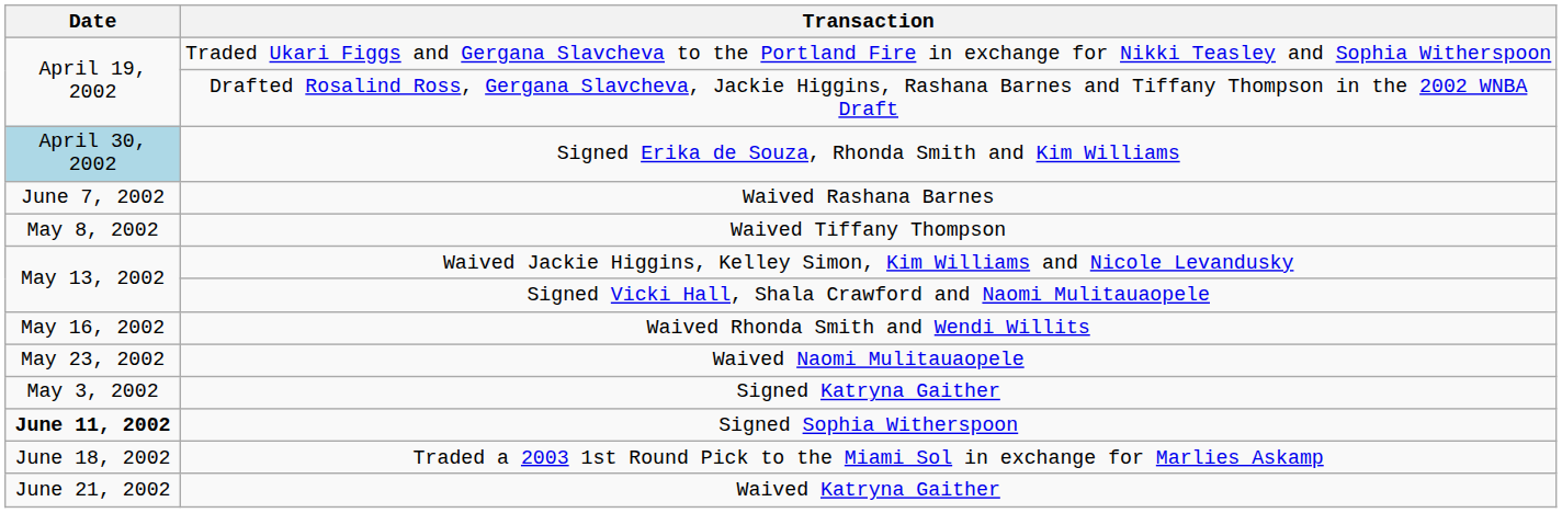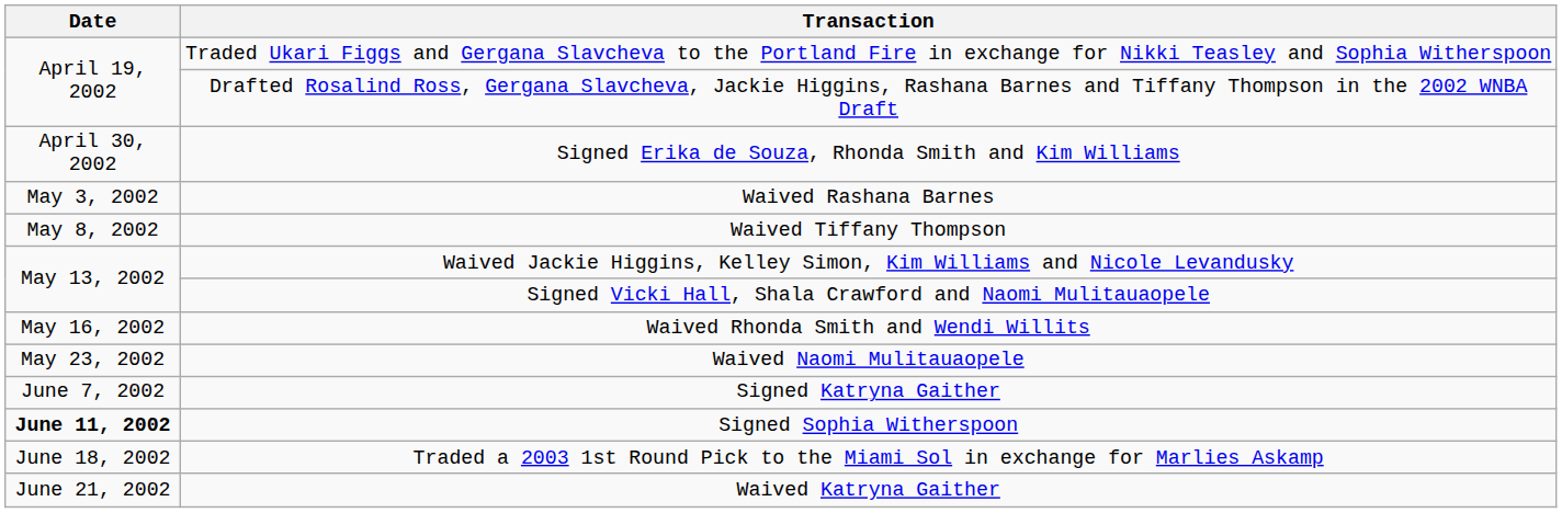 <table class="wikitable" style="width:80%; text-align: center;">
 <tr>
 <th>Date</th>
 <th>Transaction</th>
 </tr>
 <tr>
 <td rowspan="2">April 19, 2002</td>
 <td>Traded <a href='#'>Ukari Figgs</a> and <a href='#'>Gergana Slavcheva</a> to the <a href='#'>Portland Fire</a> in exchange for <a href='#'>Nikki Teasley</a> and <a href='#'>Sophia Witherspoon</a></td>
 </tr>
 <tr>
 <td>Drafted <a href='#'>Rosalind Ross</a>, <a href='#'>Gergana Slavcheva</a>, Jackie Higgins, Rashana Barnes and Tiffany Thompson in the <a href='#'>2002 WNBA Draft</a></td>
 </tr>
 <tr>
-<td style="background: lightblue;">April 30, 2002</td>
+<td>April 30, 2002</td>
 <td>Signed <a href='#'>Erika de Souza</a>, Rhonda Smith and <a href='#'>Kim Williams</a></td>
 </tr>
 <tr>
-<td>June 7, 2002</td>
+<td>May 3, 2002</td>
 <td>Waived Rashana Barnes</td>
 </tr>
 <tr>
 <td>May 8, 2002</td>
 <td>Waived Tiffany Thompson</td>
 </tr>
 <tr>
 <td rowspan="2">May 13, 2002</td>
 <td>Waived Jackie Higgins, Kelley Simon, <a href='#'>Kim Williams</a> and <a href='#'>Nicole Levandusky</a></td>
 </tr>
 <tr>
 <td>Signed <a href='#'>Vicki Hall</a>, Shala Crawford and <a href='#'>Naomi Mulitauaopele</a></td>
 </tr>
 <tr>
 <td>May 16, 2002</td>
 <td>Waived Rhonda Smith and <a href='#'>Wendi Willits</a></td>
 </tr>
 <tr>
 <td>May 23, 2002</td>
 <td>Waived <a href='#'>Naomi Mulitauaopele</a></td>
 </tr>
 <tr>
-<td>May 3, 2002</td>
+<td>June 7, 2002</td>
 <td>Signed <a href='#'>Katryna Gaither</a></td>
 </tr>
 <tr>
 <td><strong>June 11, 2002</strong></td>
 <td>Signed <a href='#'>Sophia Witherspoon</a></td>
 </tr>
 <tr>
 <td>June 18, 2002</td>
 <td>Traded a <a href='#'>2003</a> 1st Round Pick to the <a href='#'>Miami Sol</a> in exchange for <a href='#'>Marlies Askamp</a></td>
 </tr>
 <tr>
 <td>June 21, 2002</td>
 <td>Waived <a href='#'>Katryna Gaither</a></td>
 </tr>
 </table>
